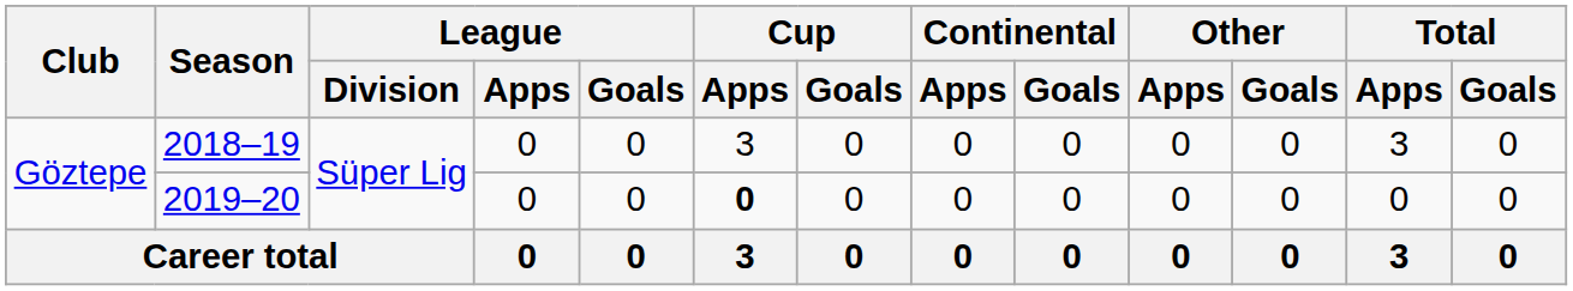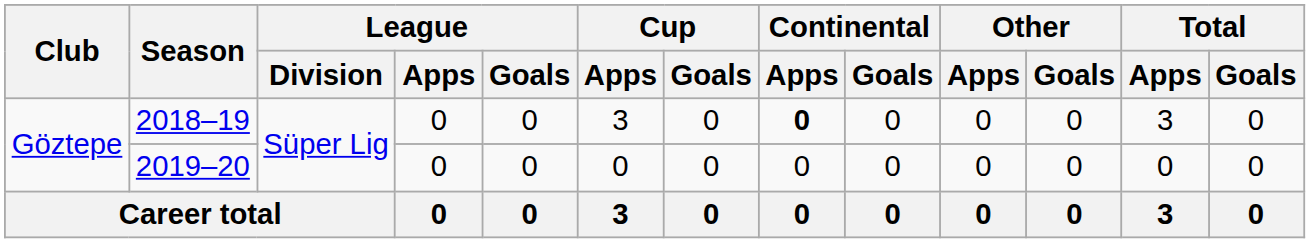 <table class="wikitable" style="text-align: center">
 <tr>
 <th rowspan="2">Club</th>
 <th rowspan="2">Season</th>
 <th colspan="3">League</th>
 <th colspan="2">Cup</th>
 <th colspan="2">Continental</th>
 <th colspan="2">Other</th>
 <th colspan="2">Total</th>
 </tr>
 <tr>
 <th>Division</th>
 <th>Apps</th>
 <th>Goals</th>
 <th>Apps</th>
 <th>Goals</th>
 <th>Apps</th>
 <th>Goals</th>
 <th>Apps</th>
 <th>Goals</th>
 <th>Apps</th>
 <th>Goals</th>
 </tr>
 <tr>
 <td rowspan="2"><a href='#'>Göztepe</a></td>
 <td><a href='#'>2018–19</a></td>
 <td rowspan="2"><a href='#'>Süper Lig</a></td>
 <td>0</td>
 <td>0</td>
 <td>3</td>
 <td>0</td>
-<td>0</td>
+<td><strong>0</strong></td>
 <td>0</td>
 <td>0</td>
 <td>0</td>
 <td>3</td>
 <td>0</td>
 </tr>
 <tr>
 <td><a href='#'>2019–20</a></td>
 <td>0</td>
 <td>0</td>
-<td><strong>0</strong></td>
+<td>0</td>
 <td>0</td>
 <td>0</td>
 <td>0</td>
 <td>0</td>
 <td>0</td>
 <td>0</td>
 <td>0</td>
 </tr>
 <tr>
 <th colspan="3"><strong>Career total</strong></th>
 <th>0</th>
 <th>0</th>
 <th>3</th>
 <th>0</th>
 <th>0</th>
 <th>0</th>
 <th>0</th>
 <th>0</th>
 <th>3</th>
 <th>0</th>
 </tr>
 </table>
